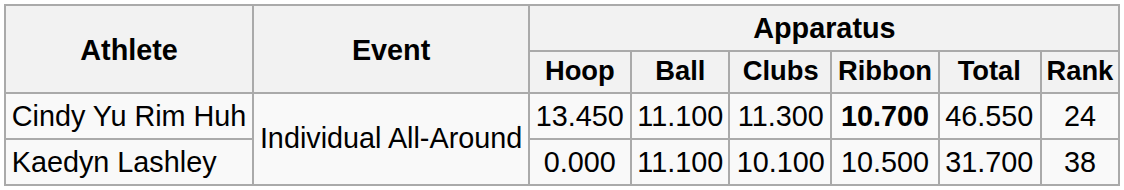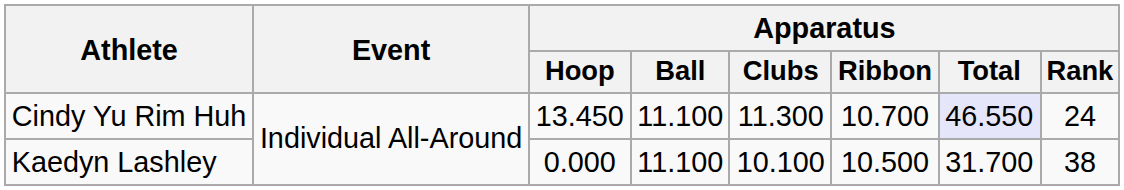 <table class=wikitable style="font-size:90%">
 <tr>
 <th rowspan=2>Athlete</th>
 <th rowspan=2>Event</th>
 <th colspan=6>Apparatus</th>
 </tr>
 <tr style="font-size:95%">
 <th>Hoop</th>
 <th>Ball</th>
 <th>Clubs</th>
 <th>Ribbon</th>
 <th>Total</th>
 <th>Rank</th>
 </tr>
 <tr align=center>
 <td align=left>Cindy Yu Rim Huh</td>
 <td align=left rowspan=2>Individual All-Around</td>
 <td>13.450</td>
 <td>11.100</td>
 <td>11.300</td>
-<td><strong>10.700</strong></td>
-<td>46.550</td>
+<td>10.700</td>
+<td style="background: lavender;">46.550</td>
 <td>24</td>
 </tr>
 <tr align=center>
 <td align=left>Kaedyn Lashley</td>
 <td>0.000</td>
 <td>11.100</td>
 <td>10.100</td>
 <td>10.500</td>
 <td>31.700</td>
 <td>38</td>
 </tr>
 </table>
